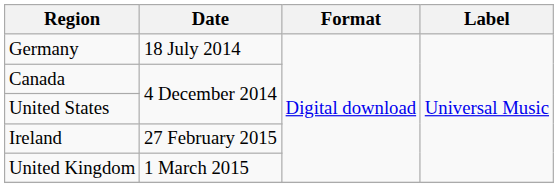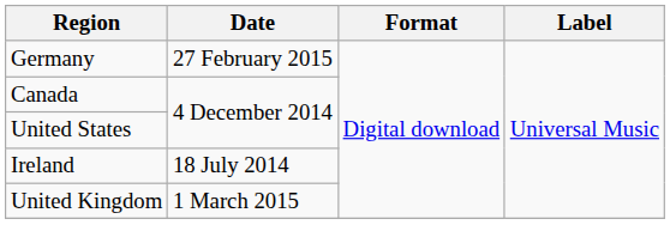 <table class="wikitable sortable">
 <tr>
 <th scope="col">Region</th>
 <th scope="col">Date</th>
 <th scope="col">Format</th>
 <th scope="col">Label</th>
 </tr>
 <tr>
 <td>Germany</td>
-<td>18 July 2014</td>
+<td>27 February 2015</td>
 <td rowspan="5"><a href='#'>Digital download</a></td>
 <td rowspan="5"><a href='#'>Universal Music</a></td>
 </tr>
 <tr>
 <td>Canada</td>
 <td rowspan="2">4 December 2014</td>
 </tr>
 <tr>
 <td>United States</td>
 </tr>
 <tr>
 <td>Ireland</td>
-<td>27 February 2015</td>
+<td>18 July 2014</td>
 </tr>
 <tr>
 <td>United Kingdom</td>
 <td>1 March 2015</td>
 </tr>
 <tr>
 </tr>
 </table>
